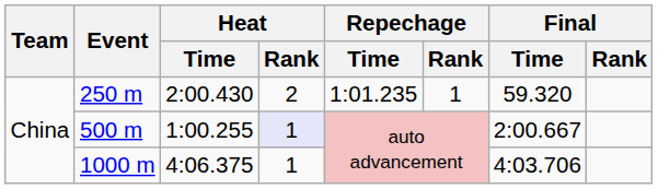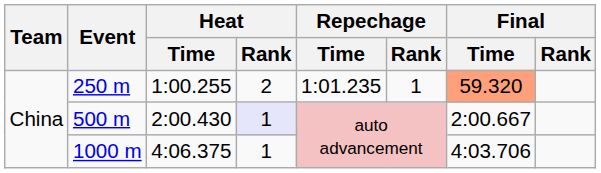 <table class=wikitable style="font-size:90%">
 <tr>
 <th rowspan=2>Team</th>
 <th rowspan=2>Event</th>
 <th colspan=2>Heat</th>
 <th colspan=2>Repechage</th>
 <th colspan=2>Final</th>
 </tr>
 <tr>
 <th>Time</th>
 <th>Rank</th>
 <th>Time</th>
 <th>Rank</th>
 <th>Time</th>
 <th>Rank</th>
 </tr>
 <tr>
 <td rowspan=3>China</td>
 <td><a href='#'>250 m</a></td>
-<td align=center>2:00.430</td>
+<td align=center>1:00.255</td>
 <td align=center>2</td>
 <td align=center>1:01.235</td>
 <td align=center>1</td>
-<td align=center>59.320</td>
+<td align=center style="background: lightsalmon;">59.320</td>
 <td align=center></td>
 </tr>
 <tr>
 <td><a href='#'>500 m</a></td>
-<td align=center>1:00.255</td>
+<td align=center>2:00.430</td>
 <td align=center style="background: lavender;">1</td>
 <td colspan="2" rowspan="2" style="text-align:center; background:#f4c2c2;"><small>auto<br>advancement</small></td>
 <td align=center>2:00.667</td>
 <td align=center></td>
 </tr>
 <tr>
 <td><a href='#'>1000 m</a></td>
 <td align=center>4:06.375</td>
 <td align=center>1</td>
 <td align=center>4:03.706</td>
 <td align=center></td>
 </tr>
 </table>
